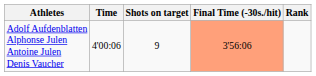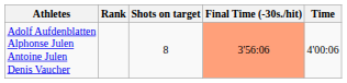 <table class="wikitable" style="font-size:90%">
 <tr>
 <th>Athletes</th>
-<th>Time</th>
+<th>Rank</th>
 <th>Shots on target</th>
 <th>Final Time (-30s./hit)</th>
-<th>Rank</th>
+<th>Time</th>
 </tr>
 <tr>
 <td><a href='#'>Adolf Aufdenblatten</a><br><a href='#'>Alphonse Julen</a><br><a href='#'>Antoine Julen</a><br><a href='#'>Denis Vaucher</a></td>
+<td align="center"></td>
+<td align="center">8</td>
+<td align="center" style="background: lightsalmon;">3'56:06</td>
 <td align="center">4'00:06</td>
-<td align="center">9</td>
-<td align="center" style="background: lightsalmon;">3'56:06</td>
-<td align="center"></td>
 </tr>
 </table>
